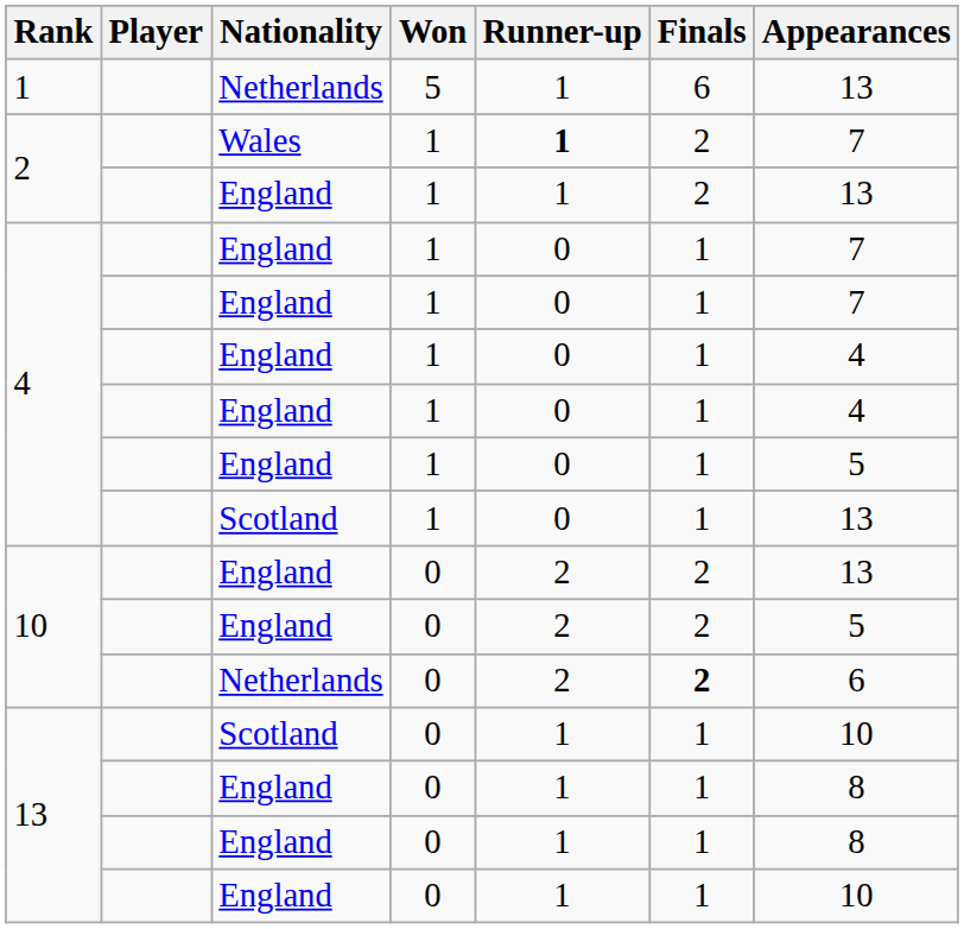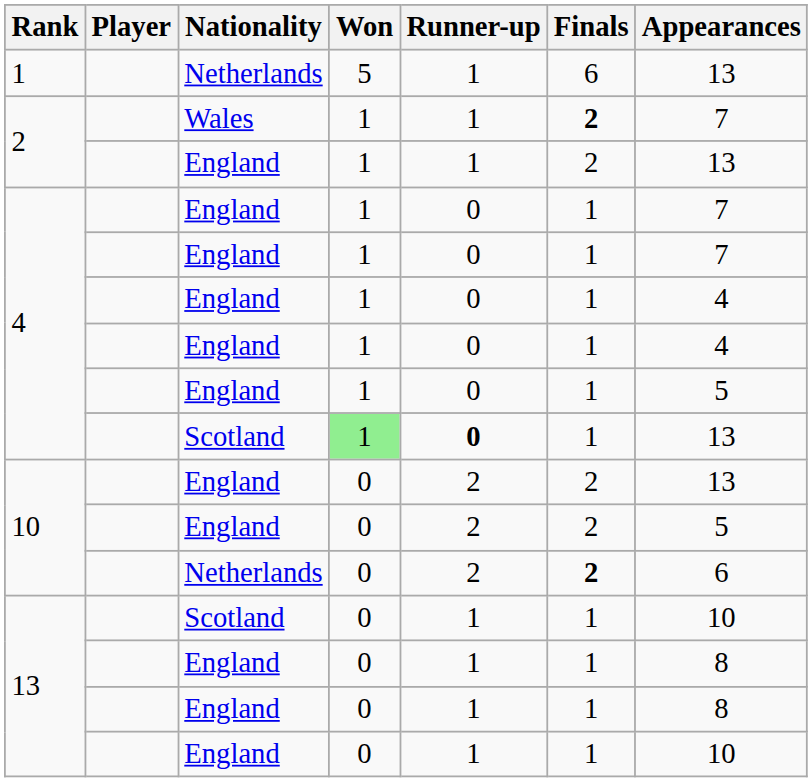 <table class="wikitable sortable">
 <tr>
 <th>Rank</th>
 <th>Player</th>
 <th>Nationality</th>
 <th>Won</th>
 <th>Runner-up</th>
 <th>Finals</th>
 <th>Appearances</th>
 </tr>
 <tr>
 <td rowspan="1">1</td>
 <td><strong></strong></td>
 <td> <a href='#'>Netherlands</a></td>
 <td align=center>5</td>
 <td align=center>1</td>
 <td align=center>6</td>
 <td align=center>13</td>
 </tr>
 <tr>
 <td rowspan="2">2</td>
 <td><strong></strong></td>
 <td> <a href='#'>Wales</a></td>
 <td align=center>1</td>
-<td align=center><strong>1</strong></td>
-<td align=center>2</td>
+<td align=center>1</td>
+<td align=center><strong>2</strong></td>
 <td align=center>7</td>
 </tr>
 <tr>
 <td><strong></strong></td>
 <td> <a href='#'>England</a></td>
 <td align=center>1</td>
 <td align=center>1</td>
 <td align=center>2</td>
 <td align=center>13</td>
 </tr>
 <tr>
 <td rowspan="6">4</td>
 <td><strong></strong></td>
 <td> <a href='#'>England</a></td>
 <td align=center>1</td>
 <td align=center>0</td>
 <td align=center>1</td>
 <td align=center>7</td>
 </tr>
 <tr>
 <td><strong></strong></td>
 <td> <a href='#'>England</a></td>
 <td align=center>1</td>
 <td align=center>0</td>
 <td align=center>1</td>
 <td align=center>7</td>
 </tr>
 <tr>
 <td><strong></strong></td>
 <td> <a href='#'>England</a></td>
 <td align=center>1</td>
 <td align=center>0</td>
 <td align=center>1</td>
 <td align=center>4</td>
 </tr>
 <tr>
 <td><strong></strong></td>
 <td> <a href='#'>England</a></td>
 <td align=center>1</td>
 <td align=center>0</td>
 <td align=center>1</td>
 <td align=center>4</td>
 </tr>
 <tr>
 <td></td>
 <td> <a href='#'>England</a></td>
 <td align=center>1</td>
 <td align=center>0</td>
 <td align=center>1</td>
 <td align=center>5</td>
 </tr>
 <tr>
 <td><strong></strong></td>
 <td> <a href='#'>Scotland</a></td>
-<td align=center>1</td>
-<td align=center>0</td>
+<td align=center style="background: lightgreen;">1</td>
+<td align=center><strong>0</strong></td>
 <td align=center>1</td>
 <td align=center>13</td>
 </tr>
 <tr>
 <td rowspan="3">10</td>
 <td><strong></strong></td>
 <td> <a href='#'>England</a></td>
 <td align=center>0</td>
 <td align=center>2</td>
 <td align=center>2</td>
 <td align=center>13</td>
 </tr>
 <tr>
 <td></td>
 <td> <a href='#'>England</a></td>
 <td align=center>0</td>
 <td align=center>2</td>
 <td align=center>2</td>
 <td align=center>5</td>
 </tr>
 <tr>
 <td><strong></strong></td>
 <td> <a href='#'>Netherlands</a></td>
 <td align=center>0</td>
 <td align=center>2</td>
 <td align=center><strong>2</strong></td>
 <td align=center>6</td>
 </tr>
 <tr>
 <td rowspan="4">13</td>
 <td><strong></strong></td>
 <td> <a href='#'>Scotland</a></td>
 <td align=center>0</td>
 <td align=center>1</td>
 <td align=center>1</td>
 <td align=center>10</td>
 </tr>
 <tr>
 <td><strong></strong></td>
 <td> <a href='#'>England</a></td>
 <td align=center>0</td>
 <td align=center>1</td>
 <td align=center>1</td>
 <td align=center>8</td>
 </tr>
 <tr>
 <td></td>
 <td> <a href='#'>England</a></td>
 <td align=center>0</td>
 <td align=center>1</td>
 <td align=center>1</td>
 <td align=center>8</td>
 </tr>
 <tr>
 <td><strong></strong></td>
 <td> <a href='#'>England</a></td>
 <td align=center>0</td>
 <td align=center>1</td>
 <td align=center>1</td>
 <td align=center>10</td>
 </tr>
 </table>
